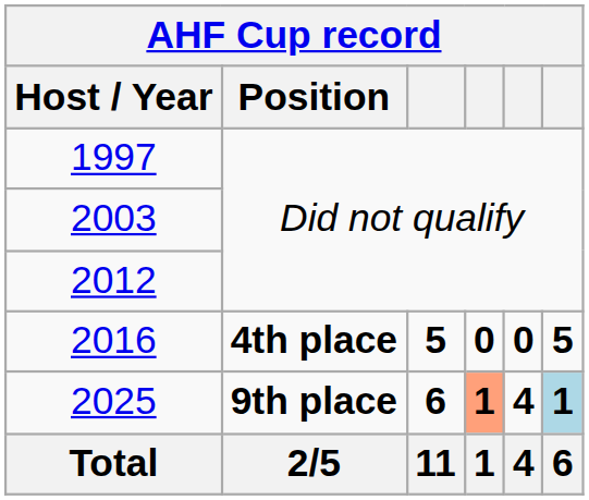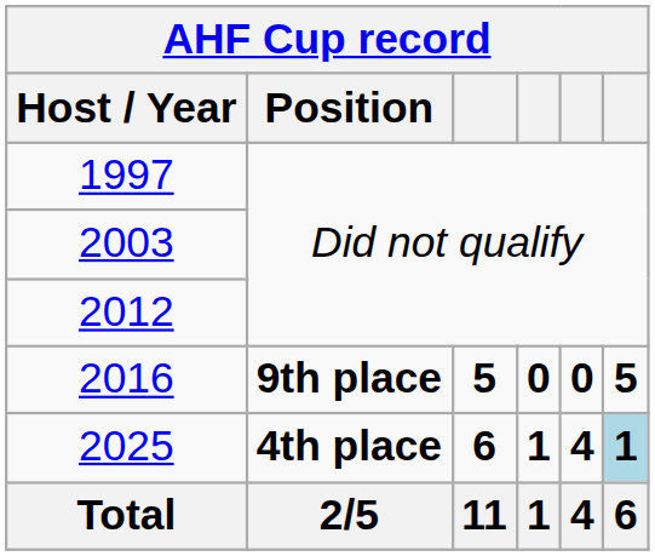 <table class="wikitable" style="text-align: center;">
 <tr>
 <th colspan="9"><a href='#'>AHF Cup record</a></th>
 </tr>
 <tr>
 <th>Host / Year</th>
 <th>Position</th>
 <th></th>
 <th></th>
 <th></th>
 <th></th>
 </tr>
 <tr>
 <td> <a href='#'>1997</a></td>
 <td colspan=8 rowspan="3"><em>Did not qualify</em></td>
 </tr>
 <tr>
 <td> <a href='#'>2003</a></td>
 </tr>
 <tr>
 <td> <a href='#'>2012</a></td>
 </tr>
 <tr>
 <td> <a href='#'>2016</a></td>
-<td><strong>4th place</strong></td>
+<td><strong>9th place</strong></td>
 <td><strong>5</strong></td>
 <td><strong>0</strong></td>
 <td><strong>0</strong></td>
 <td><strong>5</strong></td>
 </tr>
 <tr>
 <td> <a href='#'>2025</a></td>
-<td><strong>9th place</strong></td>
+<td><strong>4th place</strong></td>
 <td><strong>6</strong></td>
-<td style="background: lightsalmon;"><strong>1</strong></td>
+<td><strong>1</strong></td>
 <td><strong>4</strong></td>
 <td style="background: lightblue;"><strong>1</strong></td>
 </tr>
 <tr>
 <th>Total</th>
 <th>2/5</th>
 <th>11</th>
 <th>1</th>
 <th>4</th>
 <th>6</th>
 </tr>
 </table>
